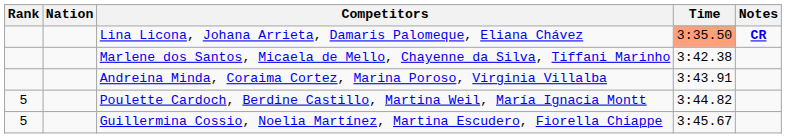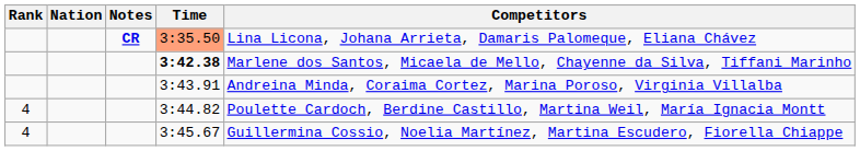 <table class="wikitable sortable" style="text-align:center; font-size:95%">
 <tr>
 <th>Rank</th>
 <th>Nation</th>
+<th>Notes</th>
+<th>Time</th>
 <th>Competitors</th>
-<th>Time</th>
-<th>Notes</th>
 </tr>
 <tr>
 <td></td>
 <td align=left></td>
+<td><strong><a href='#'>CR</a></strong></td>
+<td style="background: lightsalmon;">3:35.50</td>
 <td align=left><a href='#'>Lina Licona</a>, <a href='#'>Johana Arrieta</a>, <a href='#'>Damaris Palomeque</a>, <a href='#'>Eliana Chávez</a></td>
-<td style="background: lightsalmon;">3:35.50</td>
-<td><strong><a href='#'>CR</a></strong></td>
 </tr>
 <tr>
 <td></td>
 <td align=left></td>
+<td></td>
+<td><strong>3:42.38</strong></td>
 <td align=left><a href='#'>Marlene dos Santos</a>, <a href='#'>Micaela de Mello</a>, <a href='#'>Chayenne da Silva</a>, <a href='#'>Tiffani Marinho</a></td>
-<td>3:42.38</td>
-<td></td>
 </tr>
 <tr>
 <td></td>
 <td align=left></td>
+<td></td>
+<td>3:43.91</td>
 <td align=left><a href='#'>Andreina Minda</a>, <a href='#'>Coraima Cortez</a>, <a href='#'>Marina Poroso</a>, <a href='#'>Virginia Villalba</a></td>
-<td>3:43.91</td>
-<td></td>
 </tr>
 <tr>
-<td>5</td>
+<td>4</td>
 <td align=left></td>
+<td></td>
+<td>3:44.82</td>
 <td align=left><a href='#'>Poulette Cardoch</a>, <a href='#'>Berdine Castillo</a>, <a href='#'>Martina Weil</a>, <a href='#'>María Ignacia Montt</a></td>
-<td>3:44.82</td>
-<td></td>
 </tr>
 <tr>
-<td>5</td>
+<td>4</td>
 <td align=left></td>
+<td></td>
+<td>3:45.67</td>
 <td align=left><a href='#'>Guillermina Cossio</a>, <a href='#'>Noelia Martínez</a>, <a href='#'>Martina Escudero</a>, <a href='#'>Fiorella Chiappe</a></td>
-<td>3:45.67</td>
-<td></td>
 </tr>
 </table>
